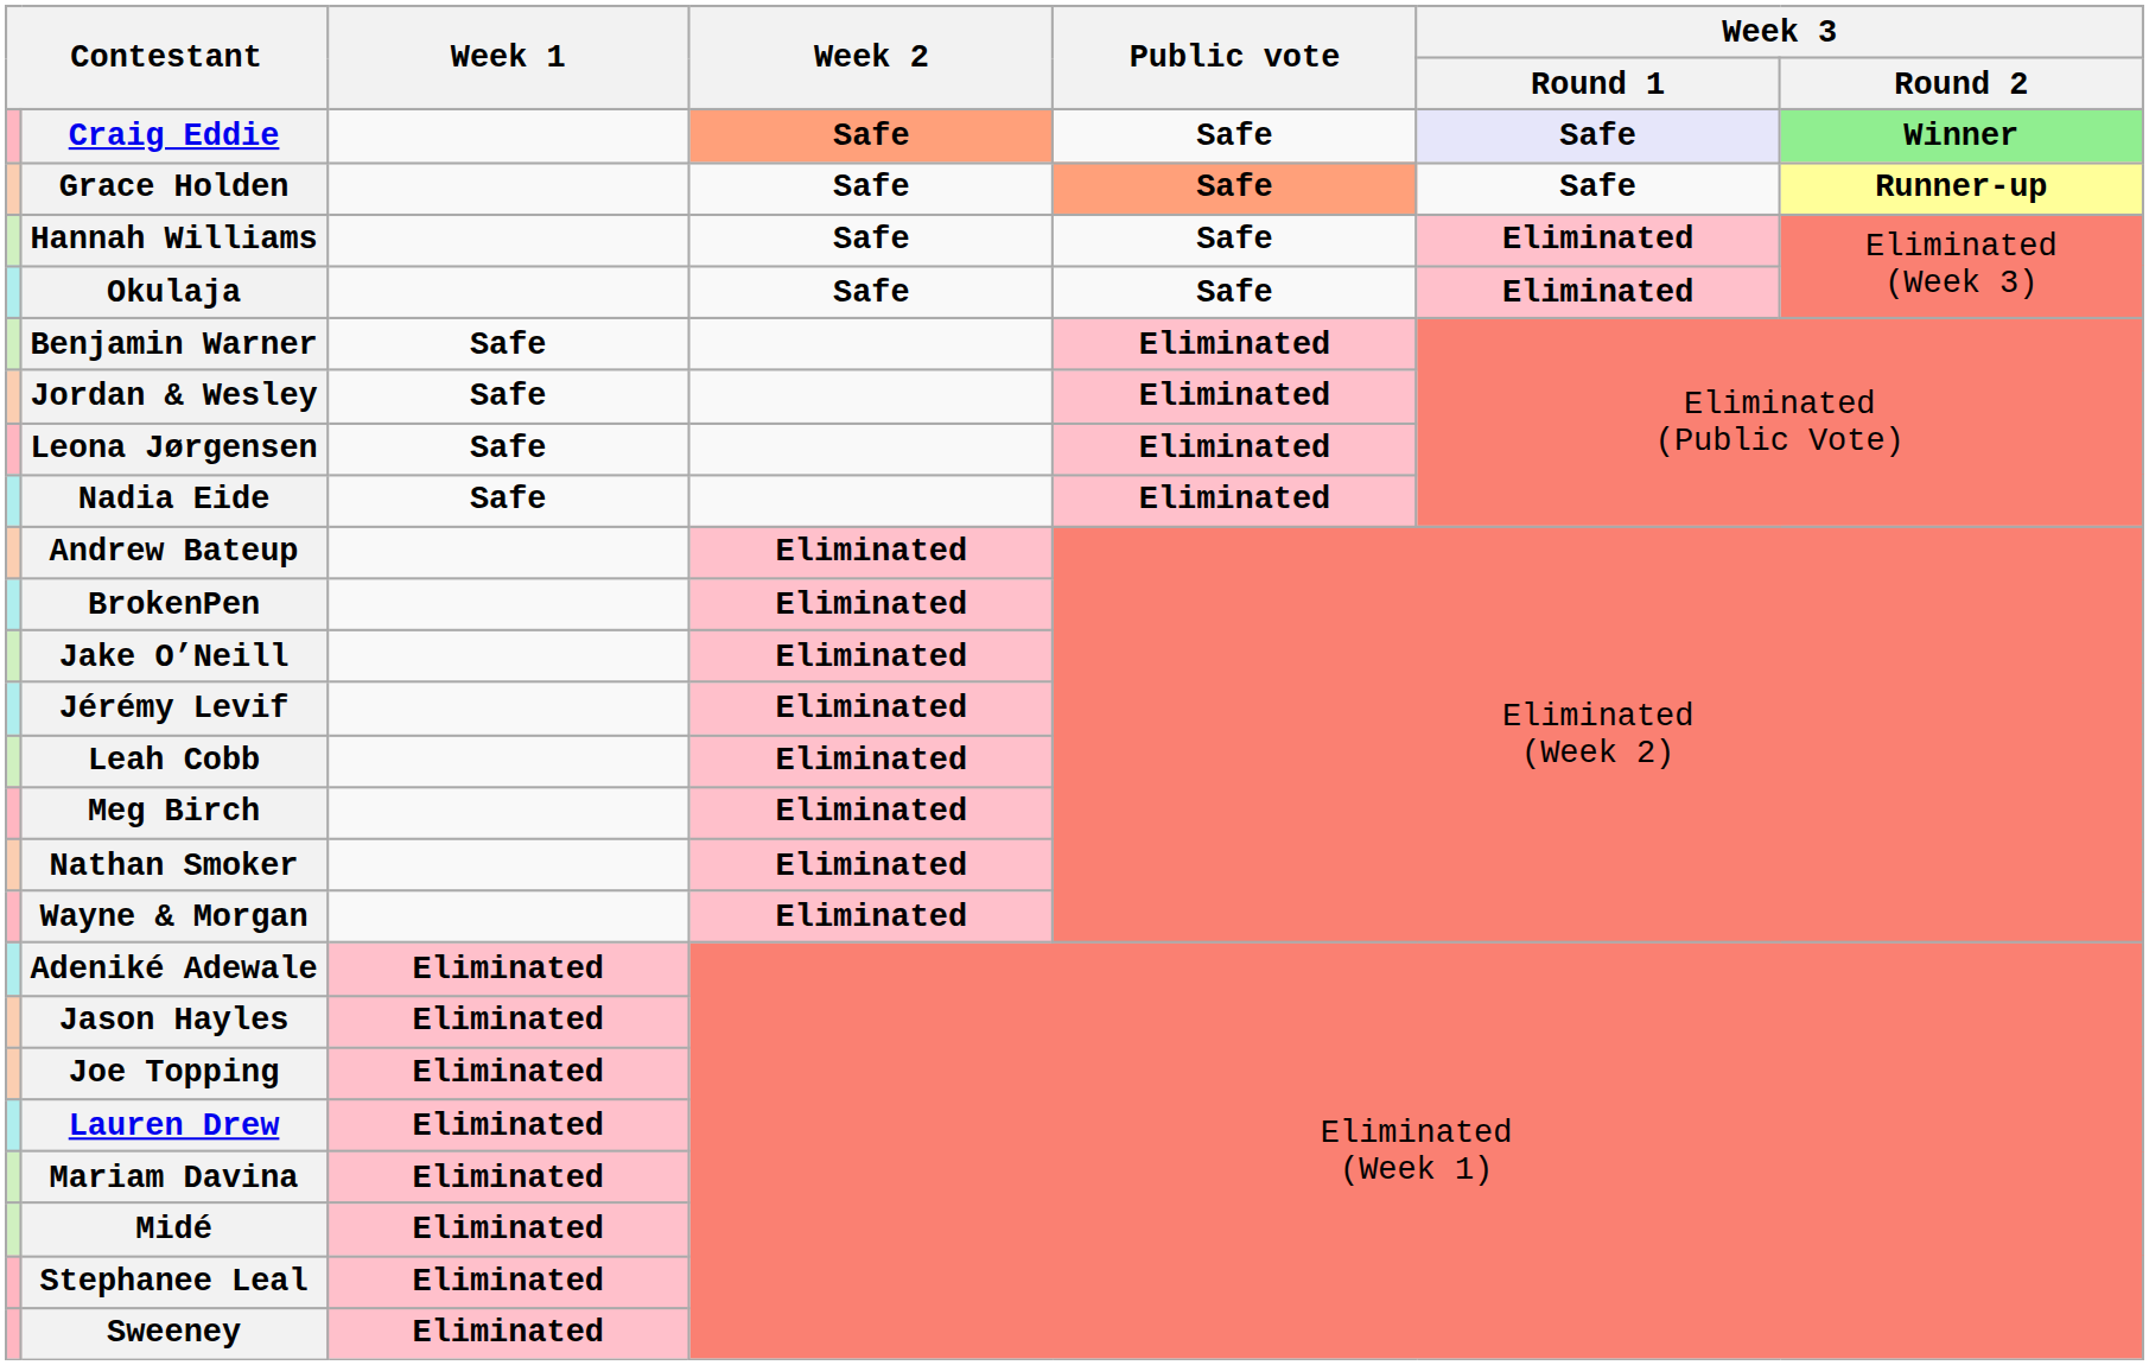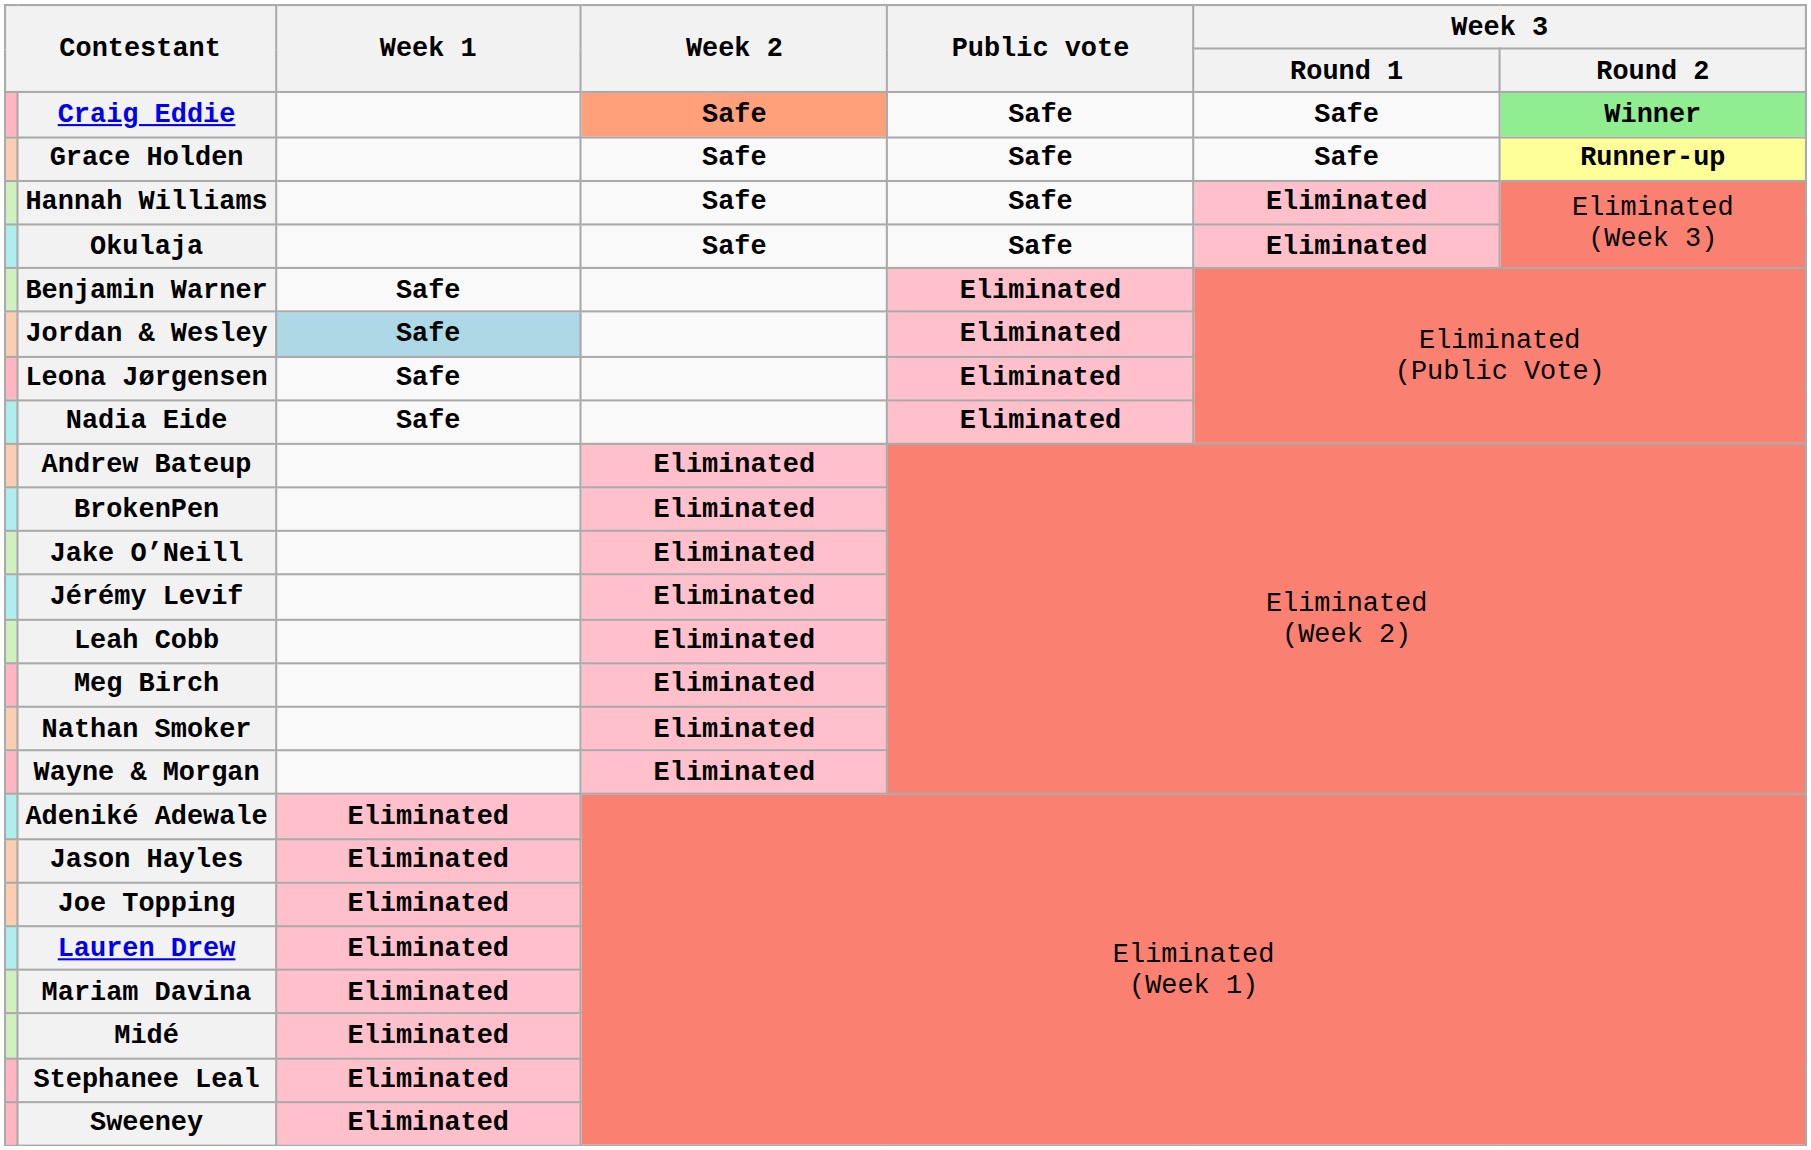 <table class="wikitable" style="text-align:center; font-size:100%; width:">
 <tr>
 <th rowspan="2" colspan="2" style="width:15%">Contestant</th>
 <th scope="col" rowspan="2" style="width:17%">Week 1</th>
 <th scope="col" rowspan="2" style="width:17%">Week 2</th>
 <th scope="col" rowspan="2" style="width:17%">Public vote</th>
 <th colspan="2" scope="col" style="width:34%">Week 3</th>
 </tr>
 <tr>
 <th scope="col" style="width:17%">Round 1</th>
 <th scope="col" style="width:17%">Round 2</th>
 </tr>
 <tr>
 <th style="background: lightpink"></th>
 <th><a href='#'>Craig Eddie</a></th>
 <td></td>
 <td style="background: lightsalmon;"><strong>Safe</strong></td>
 <td><strong>Safe</strong></td>
-<td style="background: lavender;"><strong>Safe</strong></td>
+<td><strong>Safe</strong></td>
 <td style="background:lightgreen"><strong>Winner</strong></td>
 </tr>
 <tr>
 <th style="background:#fbceb1"></th>
 <th>Grace Holden</th>
 <td></td>
 <td><strong>Safe</strong></td>
-<td style="background: lightsalmon;"><strong>Safe</strong></td>
+<td><strong>Safe</strong></td>
 <td><strong>Safe</strong></td>
 <td style = "background:#ff9"><strong>Runner-up</strong></td>
 </tr>
 <tr>
 <th style="background:#d0f0c0"></th>
 <th>Hannah Williams</th>
 <td></td>
 <td><strong>Safe</strong></td>
 <td><strong>Safe</strong></td>
 <td style = "background:pink"><strong>Eliminated</strong></td>
 <td rowspan="2" colspan="2" style="background:salmon;">Eliminated<br>(Week 3)</td>
 </tr>
 <tr>
 <th style="background:#afeeee"></th>
 <th>Okulaja</th>
 <td></td>
 <td><strong>Safe</strong></td>
 <td><strong>Safe</strong></td>
 <td style = "background:pink"><strong>Eliminated</strong></td>
 </tr>
 <tr>
 <th style="background:#d0f0c0"></th>
 <th>Benjamin Warner</th>
 <td><strong>Safe</strong></td>
 <td></td>
 <td style = "background:pink"><strong>Eliminated</strong></td>
 <td rowspan="4" colspan="2" style="background:salmon;">Eliminated<br>(Public Vote)</td>
 </tr>
 <tr>
 <th style="background:#fbceb1"></th>
 <th>Jordan & Wesley</th>
-<td><strong>Safe</strong></td>
+<td style="background: lightblue;"><strong>Safe</strong></td>
 <td></td>
 <td style = "background:pink"><strong>Eliminated</strong></td>
 </tr>
 <tr>
 <th style="background: lightpink"></th>
 <th>Leona Jørgensen</th>
 <td><strong>Safe</strong></td>
 <td></td>
 <td style = "background:pink"><strong>Eliminated</strong></td>
 </tr>
 <tr>
 <th style="background:#afeeee"></th>
 <th>Nadia Eide</th>
 <td><strong>Safe</strong></td>
 <td></td>
 <td style = "background:pink"><strong>Eliminated</strong></td>
 </tr>
 <tr>
 <th style="background:#fbceb1"></th>
 <th>Andrew Bateup</th>
 <td></td>
 <td style = "background:pink"><strong>Eliminated</strong></td>
 <td rowspan="8" colspan="3" style="background:salmon;">Eliminated<br>(Week 2)</td>
 </tr>
 <tr>
 <th style="background:#afeeee"></th>
 <th>BrokenPen</th>
 <td></td>
 <td style = "background:pink"><strong>Eliminated</strong></td>
 </tr>
 <tr>
 <td style="background:#d0f0c0"></td>
 <th>Jake O’Neill</th>
 <td></td>
 <td style = "background:pink"><strong>Eliminated</strong></td>
 </tr>
 <tr>
 <th style="background:#afeeee"></th>
 <th>Jérémy Levif</th>
 <td></td>
 <td style = "background:pink"><strong>Eliminated</strong></td>
 </tr>
 <tr>
 <th style="background:#d0f0c0"></th>
 <th>Leah Cobb</th>
 <td></td>
 <td style = "background:pink"><strong>Eliminated</strong></td>
 </tr>
 <tr>
 <th style="background: lightpink"></th>
 <th>Meg Birch</th>
 <td></td>
 <td style = "background:pink"><strong>Eliminated</strong></td>
 </tr>
 <tr>
 <th style="background:#fbceb1"></th>
 <th>Nathan Smoker</th>
 <td></td>
 <td style = "background:pink"><strong>Eliminated</strong></td>
 </tr>
 <tr>
 <th style="background: lightpink"></th>
 <th>Wayne & Morgan</th>
 <td></td>
 <td style = "background:pink"><strong>Eliminated</strong></td>
 </tr>
 <tr>
 <th style="background:#afeeee"></th>
 <th>Adeniké Adewale</th>
 <td style = "background:pink"><strong>Eliminated</strong></td>
 <td rowspan="8" colspan="4" style="background:salmon;">Eliminated<br>(Week 1)</td>
 </tr>
 <tr>
 <th style="background:#fbceb1"></th>
 <th>Jason Hayles</th>
 <td style = "background:pink"><strong>Eliminated</strong></td>
 </tr>
 <tr>
 <th style="background:#fbceb1"></th>
 <th>Joe Topping</th>
 <td style = "background:pink"><strong>Eliminated</strong></td>
 </tr>
 <tr>
 <th style="background:#afeeee"></th>
 <th><a href='#'>Lauren Drew</a></th>
 <td style = "background:pink"><strong>Eliminated</strong></td>
 </tr>
 <tr>
 <th style="background:#d0f0c0"></th>
 <th>Mariam Davina</th>
 <td style = "background:pink"><strong>Eliminated</strong></td>
 </tr>
 <tr>
 <th style="background:#d0f0c0"></th>
 <th>Midé</th>
 <td style = "background:pink"><strong>Eliminated</strong></td>
 </tr>
 <tr>
 <th style="background: lightpink"></th>
 <th>Stephanee Leal</th>
 <td style = "background:pink"><strong>Eliminated</strong></td>
 </tr>
 <tr>
 <th style="background: lightpink"></th>
 <th>Sweeney</th>
 <td style = "background:pink"><strong>Eliminated</strong></td>
 </tr>
 </table>
